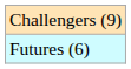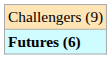 <table class=wikitable style=font-size:97%>
 <tr style="background:moccasin;">
 <td>Challengers (9)</td>
 </tr>
 <tr style="background:#cffcff;">
-<td>Futures (6)</td>
+<td><strong>Futures (6)</strong></td>
 </tr>
 </table>
